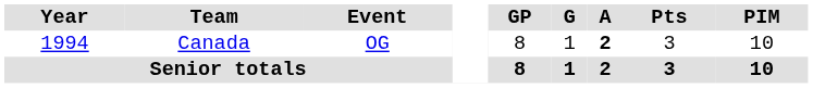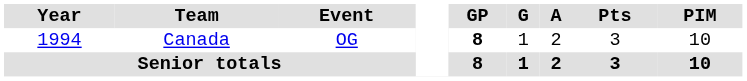 <table border="0" cellpadding="1" cellspacing="0" style="text-align:center; width:40em">
 <tr ALIGN="center" bgcolor="#e0e0e0">
 <th>Year</th>
 <th>Team</th>
 <th>Event</th>
 <th rowspan="99" bgcolor="#ffffff"> </th>
 <th>GP</th>
 <th>G</th>
 <th>A</th>
 <th>Pts</th>
 <th>PIM</th>
 </tr>
 <tr>
 <td><a href='#'>1994</a></td>
 <td><a href='#'>Canada</a></td>
 <td><a href='#'>OG</a></td>
-<td>8</td>
+<td><strong>8</strong></td>
 <td>1</td>
-<td><strong>2</strong></td>
+<td>2</td>
 <td>3</td>
 <td>10</td>
 </tr>
 <tr bgcolor="#e0e0e0">
 <th colspan="3">Senior totals</th>
 <th>8</th>
 <th>1</th>
 <th>2</th>
 <th>3</th>
 <th>10</th>
 </tr>
 </table>
